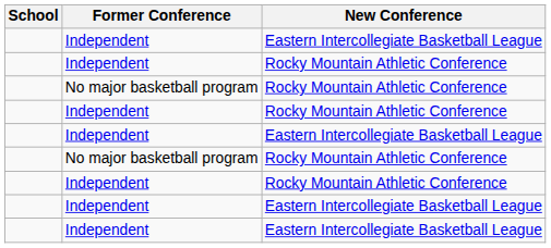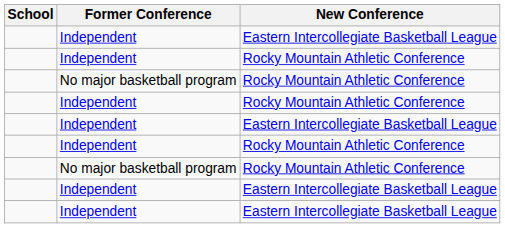 <table class="wikitable sortable">
 <tr>
 <th>School</th>
 <th>Former Conference</th>
 <th>New Conference</th>
 </tr>
 <tr>
 <td></td>
 <td><a href='#'>Independent</a></td>
 <td><a href='#'>Eastern Intercollegiate Basketball League</a></td>
 </tr>
 <tr>
 <td></td>
 <td><a href='#'>Independent</a></td>
 <td><a href='#'>Rocky Mountain Athletic Conference</a></td>
 </tr>
 <tr>
 <td></td>
 <td>No major basketball program</td>
 <td><a href='#'>Rocky Mountain Athletic Conference</a></td>
 </tr>
 <tr>
 <td></td>
 <td><a href='#'>Independent</a></td>
 <td><a href='#'>Rocky Mountain Athletic Conference</a></td>
 </tr>
 <tr>
 <td></td>
 <td><a href='#'>Independent</a></td>
 <td><a href='#'>Eastern Intercollegiate Basketball League</a></td>
 </tr>
 <tr>
 <td></td>
-<td>No major basketball program</td>
+<td><a href='#'>Independent</a></td>
 <td><a href='#'>Rocky Mountain Athletic Conference</a></td>
 </tr>
 <tr>
 <td></td>
-<td><a href='#'>Independent</a></td>
+<td>No major basketball program</td>
 <td><a href='#'>Rocky Mountain Athletic Conference</a></td>
 </tr>
 <tr>
 <td></td>
 <td><a href='#'>Independent</a></td>
 <td><a href='#'>Eastern Intercollegiate Basketball League</a></td>
 </tr>
 <tr>
 <td></td>
 <td><a href='#'>Independent</a></td>
 <td><a href='#'>Eastern Intercollegiate Basketball League</a></td>
 </tr>
 </table>
